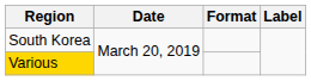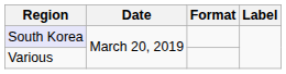 <table class = "wikitable plainrowheaders">
 <tr>
 <th>Region</th>
 <th>Date</th>
 <th>Format</th>
 <th>Label</th>
 </tr>
 <tr>
-<td>South Korea</td>
+<td style="background: lavender;">South Korea</td>
 <td rowspan="2">March 20, 2019</td>
 <td></td>
 <td rowspan="2"></td>
 </tr>
 <tr>
-<td style="background: gold;">Various</td>
+<td>Various</td>
 <td></td>
 </tr>
 </table>
